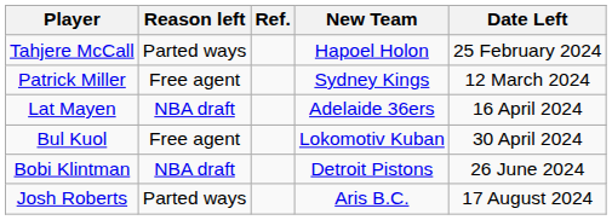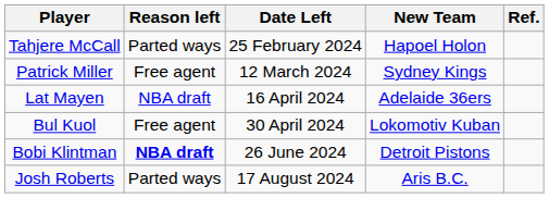 <table class="wikitable sortable sortable" style="text-align: center">
 <tr>
 <th>Player</th>
 <th>Reason left</th>
+<th>Date Left</th>
+<th>New Team</th>
 <th>Ref.</th>
-<th>New Team</th>
-<th>Date Left</th>
 </tr>
 <tr>
 <td><a href='#'>Tahjere McCall</a></td>
 <td>Parted ways</td>
+<td>25 February 2024</td>
+<td><a href='#'>Hapoel Holon</a></td>
 <td></td>
-<td><a href='#'>Hapoel Holon</a></td>
-<td>25 February 2024</td>
 </tr>
 <tr>
 <td><a href='#'>Patrick Miller</a></td>
 <td>Free agent</td>
+<td>12 March 2024</td>
+<td><a href='#'>Sydney Kings</a></td>
 <td></td>
-<td><a href='#'>Sydney Kings</a></td>
-<td>12 March 2024</td>
 </tr>
 <tr>
 <td><a href='#'>Lat Mayen</a></td>
 <td><a href='#'>NBA draft</a></td>
+<td>16 April 2024</td>
+<td><a href='#'>Adelaide 36ers</a></td>
 <td></td>
-<td><a href='#'>Adelaide 36ers</a></td>
-<td>16 April 2024</td>
 </tr>
 <tr>
 <td><a href='#'>Bul Kuol</a></td>
 <td>Free agent</td>
+<td>30 April 2024</td>
+<td><a href='#'>Lokomotiv Kuban</a></td>
 <td></td>
-<td><a href='#'>Lokomotiv Kuban</a></td>
-<td>30 April 2024</td>
 </tr>
 <tr>
 <td><a href='#'>Bobi Klintman</a></td>
-<td><a href='#'>NBA draft</a></td>
+<td><strong><a href='#'>NBA draft</a></strong></td>
+<td>26 June 2024</td>
+<td><a href='#'>Detroit Pistons</a></td>
 <td></td>
-<td><a href='#'>Detroit Pistons</a></td>
-<td>26 June 2024</td>
 </tr>
 <tr>
 <td><a href='#'>Josh Roberts</a></td>
 <td>Parted ways</td>
+<td>17 August 2024</td>
+<td><a href='#'>Aris B.C.</a></td>
 <td></td>
-<td><a href='#'>Aris B.C.</a></td>
-<td>17 August 2024</td>
 </tr>
 </table>
